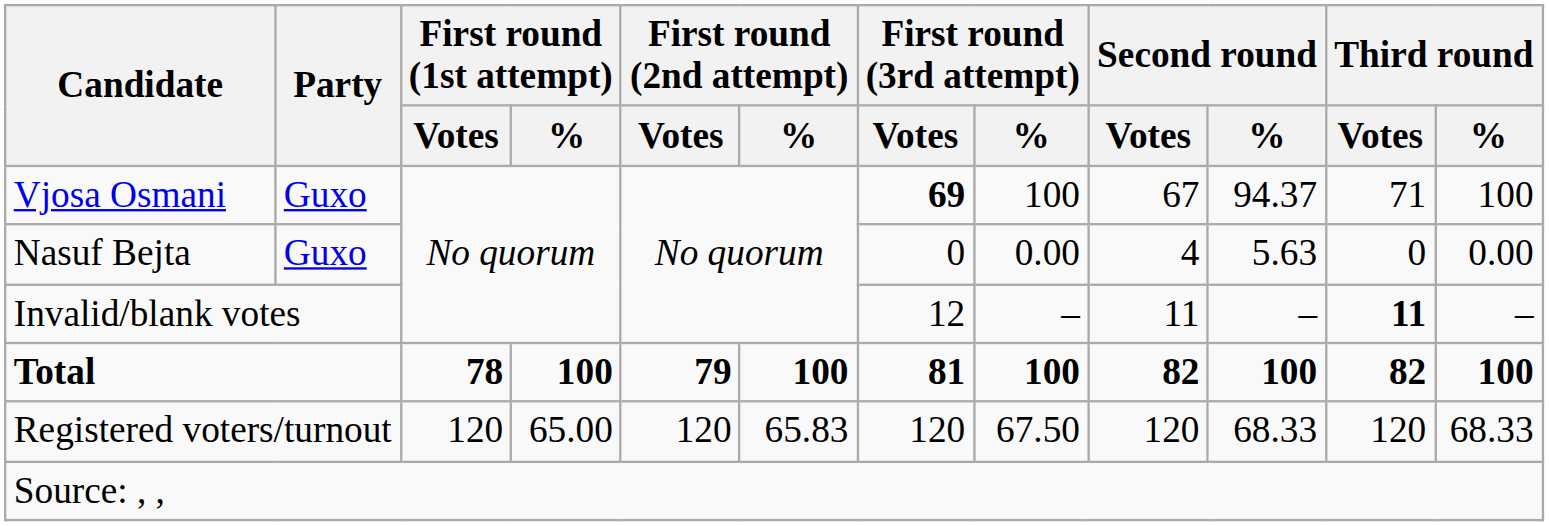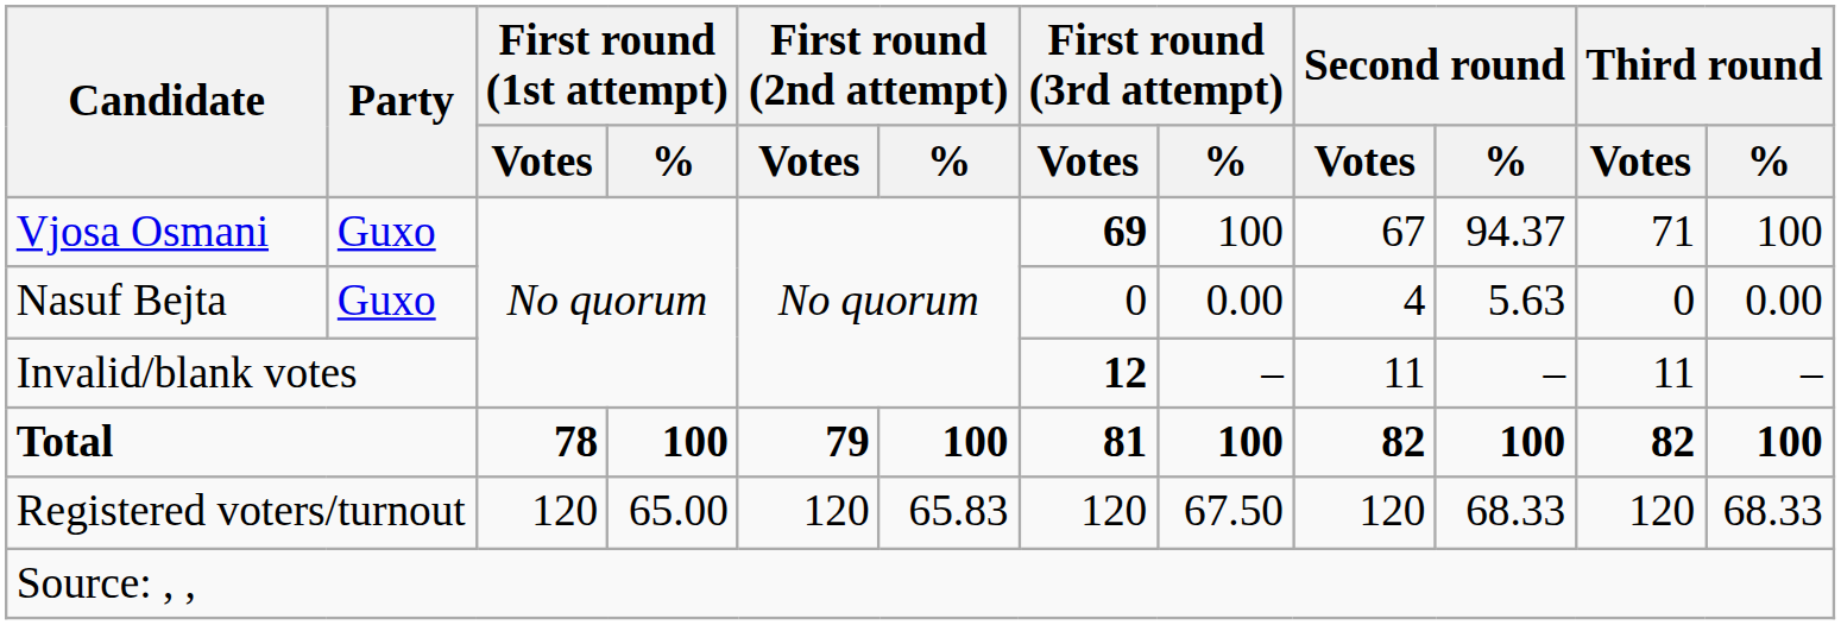 <table class=wikitable style=text-align:right>
 <tr>
 <th rowspan=2>Candidate</th>
 <th rowspan=2>Party</th>
 <th colspan=2>First round<br>(1st attempt)</th>
 <th colspan=2>First round<br>(2nd attempt)</th>
 <th colspan=2>First round<br>(3rd attempt)</th>
 <th colspan=2>Second round</th>
 <th colspan=2>Third round</th>
 </tr>
 <tr>
 <th>Votes</th>
 <th>%</th>
 <th>Votes</th>
 <th>%</th>
 <th>Votes</th>
 <th>%</th>
 <th>Votes</th>
 <th>%</th>
 <th>Votes</th>
 <th>%</th>
 </tr>
 <tr>
 <td align=left><a href='#'>Vjosa Osmani</a></td>
 <td align=left><a href='#'>Guxo</a></td>
 <td colspan=2 rowspan=3 align=center><em>No quorum</em></td>
 <td colspan=2 rowspan=3 align=center><em>No quorum</em></td>
 <td><strong>69</strong></td>
 <td>100</td>
 <td>67</td>
 <td>94.37</td>
 <td>71</td>
 <td>100</td>
 </tr>
 <tr>
 <td align=left>Nasuf Bejta</td>
 <td align=left><a href='#'>Guxo</a></td>
 <td>0</td>
 <td>0.00</td>
 <td>4</td>
 <td>5.63</td>
 <td>0</td>
 <td>0.00</td>
 </tr>
 <tr>
 <td align=left colspan=2>Invalid/blank votes</td>
-<td>12</td>
+<td><strong>12</strong></td>
 <td>–</td>
 <td>11</td>
 <td>–</td>
-<td><strong>11</strong></td>
+<td>11</td>
 <td>–</td>
 </tr>
 <tr>
 <td align=left colspan=2><strong>Total</strong></td>
 <td><strong>78</strong></td>
 <td><strong>100</strong></td>
 <td><strong>79</strong></td>
 <td><strong>100</strong></td>
 <td><strong>81</strong></td>
 <td><strong>100</strong></td>
 <td><strong>82</strong></td>
 <td><strong>100</strong></td>
 <td><strong>82</strong></td>
 <td><strong>100</strong></td>
 </tr>
 <tr>
 <td align=left colspan=2>Registered voters/turnout</td>
 <td>120</td>
 <td>65.00</td>
 <td>120</td>
 <td>65.83</td>
 <td>120</td>
 <td>67.50</td>
 <td>120</td>
 <td>68.33</td>
 <td>120</td>
 <td>68.33</td>
 </tr>
 <tr>
 <td align=left colspan=12>Source: , , </td>
 </tr>
 </table>
